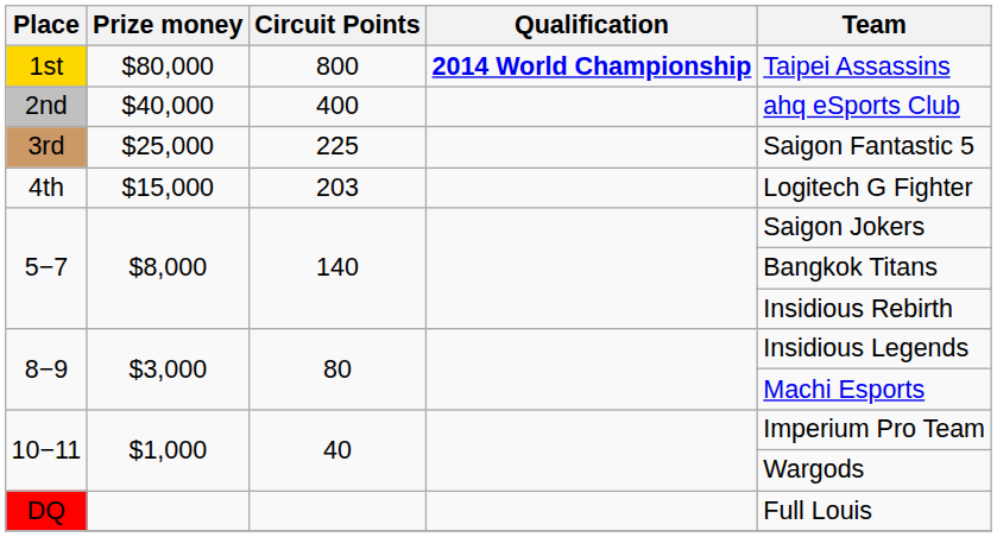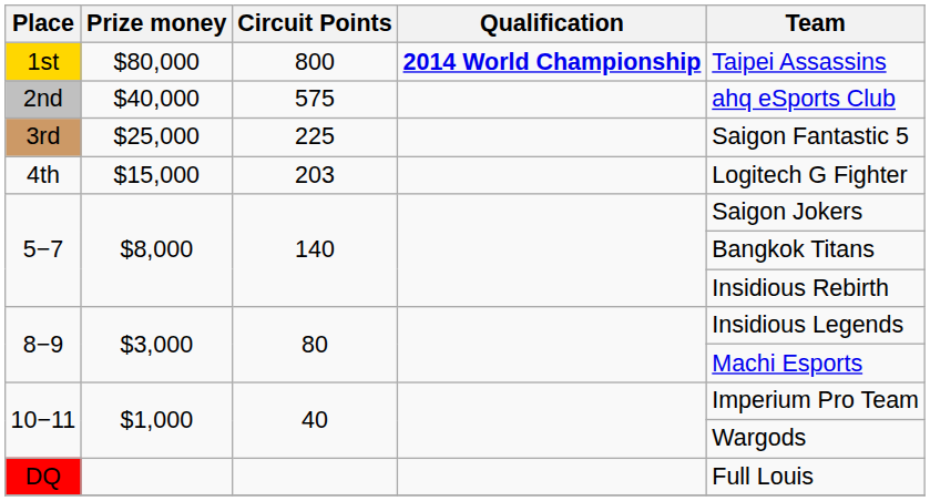 <table class="wikitable" style="text-align:left">
 <tr>
 <th style="text-align:center"><strong>Place</strong></th>
 <th style="text-align:center"><strong>Prize money</strong></th>
 <th style="text-align:center"><strong>Circuit Points</strong></th>
 <th style="text-align:center"><strong>Qualification</strong></th>
 <th style="text-align:center"><strong>Team</strong></th>
 </tr>
 <tr>
 <td style="text-align:center; background:gold;">1st</td>
 <td style="text-align:center">$80,000</td>
 <td style="text-align:center">800</td>
 <td style="text-align:center"><strong><a href='#'>2014 World Championship</a></strong></td>
 <td> <a href='#'>Taipei Assassins</a></td>
 </tr>
 <tr>
 <td style="text-align:center; background:silver;">2nd</td>
 <td style="text-align:center">$40,000</td>
-<td style="text-align:center">400</td>
+<td style="text-align:center">575</td>
 <td style="text-align:center"></td>
 <td> <a href='#'>ahq eSports Club</a></td>
 </tr>
 <tr>
 <td style="text-align:center; background:#c96;">3rd</td>
 <td style="text-align:center">$25,000</td>
 <td style="text-align:center">225</td>
 <td style="text-align:center"></td>
 <td> ⁠Saigon Fantastic 5</td>
 </tr>
 <tr>
 <td style="text-align:center">4th</td>
 <td style="text-align:center">$15,000</td>
 <td style="text-align:center">203</td>
 <td style="text-align:center"></td>
 <td> Logitech G Fighter</td>
 </tr>
 <tr>
 <td style="text-align:center" rowspan="3">5−7</td>
 <td style="text-align:center" rowspan="3">$8,000</td>
 <td style="text-align:center" rowspan="3">140</td>
 <td style="text-align:center" rowspan="3"></td>
 <td> Saigon Jokers</td>
 </tr>
 <tr>
 <td> Bangkok Titans</td>
 </tr>
 <tr>
 <td> Insidious Rebirth</td>
 </tr>
 <tr>
 <td style="text-align:center" rowspan="2">8−9</td>
 <td style="text-align:center" rowspan="2">$3,000</td>
 <td style="text-align:center" rowspan="2">80</td>
 <td style="text-align:center" rowspan="2"></td>
 <td> Insidious Legends</td>
 </tr>
 <tr>
 <td> <a href='#'>Machi Esports</a></td>
 </tr>
 <tr>
 <td style="text-align:center" rowspan="2">10−11</td>
 <td style="text-align:center" rowspan="2">$1,000</td>
 <td style="text-align:center" rowspan="2">40</td>
 <td style="text-align:center" rowspan="2"></td>
 <td> Imperium Pro Team</td>
 </tr>
 <tr>
 <td>Wargods</td>
 </tr>
 <tr>
 <td style="text-align:center; background:red;">DQ</td>
 <td style="text-align:center"></td>
 <td style="text-align:center"></td>
 <td style="text-align:center"></td>
 <td> Full Louis</td>
 </tr>
 <tr>
 </tr>
 </table>
